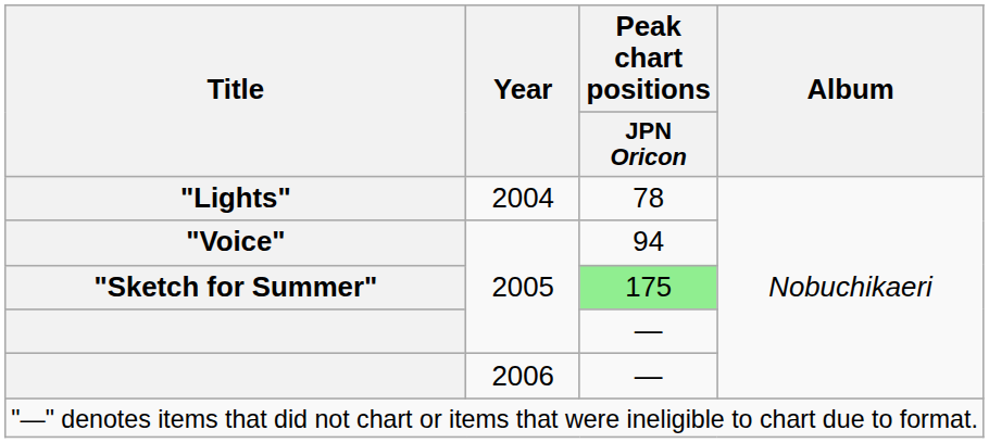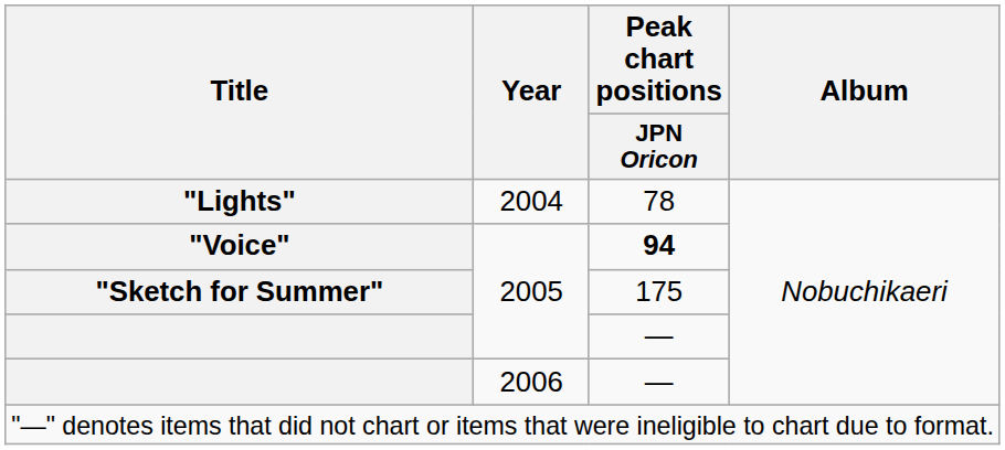 <table class="wikitable plainrowheaders" style="text-align:center;">
 <tr>
 <th scope="col" rowspan="2" style="width:16em;">Title</th>
 <th scope="col" rowspan="2">Year</th>
 <th scope="col" colspan="1">Peak chart positions</th>
 <th scope="col" rowspan="2">Album</th>
 </tr>
 <tr>
 <th style="width:3em;font-size:85%">JPN<br><em>Oricon</em><br></th>
 </tr>
 <tr>
 <th scope="row">"Lights"</th>
 <td>2004</td>
 <td>78</td>
 <td rowspan="5"><em>Nobuchikaeri</em></td>
 </tr>
 <tr>
 <th scope="row">"Voice"</th>
 <td rowspan="3">2005</td>
-<td>94</td>
+<td><strong>94</strong></td>
 </tr>
 <tr>
 <th scope="row">"Sketch for Summer"</th>
-<td style="background: lightgreen;">175</td>
+<td>175</td>
 </tr>
 <tr>
 <th scope="row"></th>
 <td>—</td>
 </tr>
 <tr>
 <th scope="row"></th>
 <td>2006</td>
 <td>—</td>
 </tr>
 <tr>
 <td colspan="12" align="center" style="font-size:90%;">"—" denotes items that did not chart or items that were ineligible to chart due to format.</td>
 </tr>
 </table>
